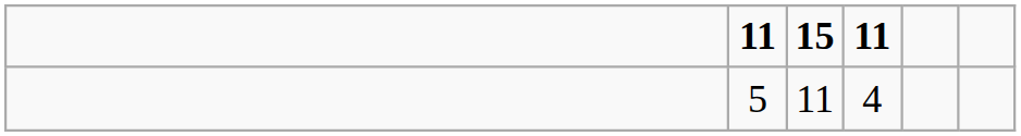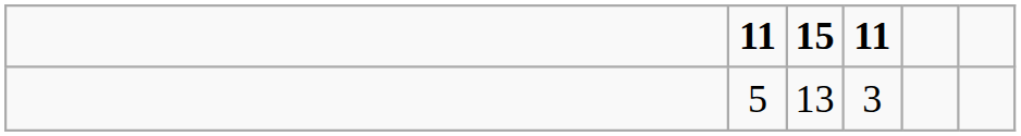 <table class="wikitable">
 <tr>
 <td style="width:18em"><strong></strong></td>
 <td align=center style="width:1em"><strong>11</strong></td>
 <td align=center style="width:1em"><strong>15</strong></td>
 <td align=center style="width:1em"><strong>11</strong></td>
 <td align=center style="width:1em"></td>
 <td align=center style="width:1em"></td>
 </tr>
 <tr>
 <td style="width:18em"></td>
 <td align=center style="width:1em">5</td>
-<td align=center style="width:1em">11</td>
-<td align=center style="width:1em">4</td>
+<td align=center style="width:1em">13</td>
+<td align=center style="width:1em">3</td>
 <td align=center style="width:1em"></td>
 <td align=center style="width:1em"></td>
 </tr>
 </table>
